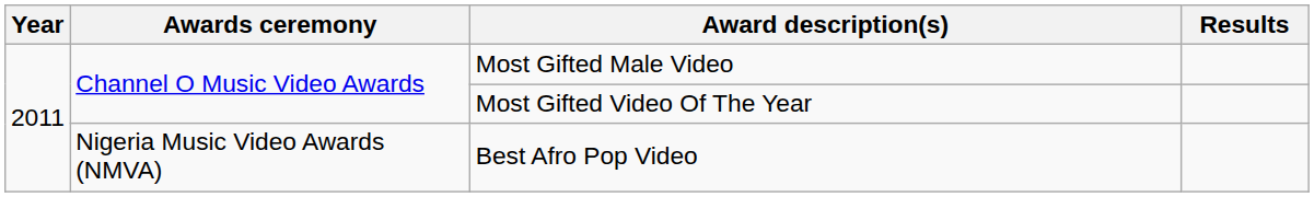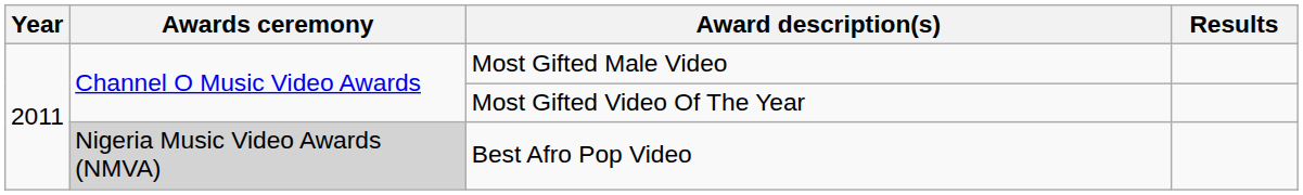 <table class="wikitable">
 <tr>
 <th>Year</th>
 <th width="250">Awards ceremony</th>
 <th width="450">Award description(s)</th>
 <th width="75">Results</th>
 </tr>
 <tr>
 <td rowspan="3">2011</td>
 <td rowspan="2"><a href='#'>Channel O Music Video Awards</a></td>
 <td rowspan="1">Most Gifted Male Video</td>
 <td></td>
 </tr>
 <tr>
 <td rowspan="1">Most Gifted Video Of The Year</td>
 <td></td>
 </tr>
 <tr>
-<td rowspan="1">Nigeria Music Video Awards (NMVA)</td>
+<td rowspan="1" style="background: lightgrey;">Nigeria Music Video Awards (NMVA)</td>
 <td rowspan="1">Best Afro Pop Video</td>
 <td></td>
 </tr>
 </table>
